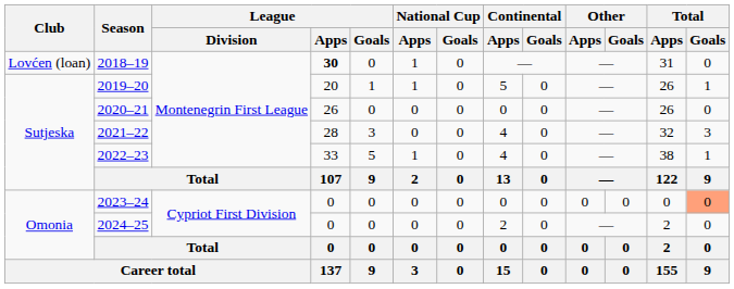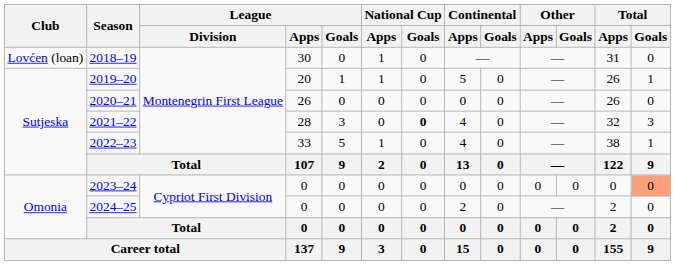 <table class="wikitable" style="text-align:center">
 <tr>
 <th rowspan="2">Club</th>
 <th rowspan="2">Season</th>
 <th colspan="3">League</th>
 <th colspan="2">National Cup</th>
 <th colspan="2">Continental</th>
 <th colspan="2">Other</th>
 <th colspan="2">Total</th>
 </tr>
 <tr>
 <th>Division</th>
 <th>Apps</th>
 <th>Goals</th>
 <th>Apps</th>
 <th>Goals</th>
 <th>Apps</th>
 <th>Goals</th>
 <th>Apps</th>
 <th>Goals</th>
 <th>Apps</th>
 <th>Goals</th>
 </tr>
 <tr>
 <td><a href='#'>Lovćen</a> (loan)</td>
 <td><a href='#'>2018–19</a></td>
 <td rowspan="5"><a href='#'>Montenegrin First League</a></td>
-<td><strong>30</strong></td>
+<td>30</td>
 <td>0</td>
 <td>1</td>
 <td>0</td>
 <td colspan="2">—</td>
 <td colspan="2">—</td>
 <td>31</td>
 <td>0</td>
 </tr>
 <tr>
 <td rowspan="5"><a href='#'>Sutjeska</a></td>
 <td><a href='#'>2019–20</a></td>
 <td>20</td>
 <td>1</td>
 <td>1</td>
 <td>0</td>
 <td>5</td>
 <td>0</td>
 <td colspan="2">—</td>
 <td>26</td>
 <td>1</td>
 </tr>
 <tr>
 <td><a href='#'>2020–21</a></td>
 <td>26</td>
 <td>0</td>
 <td>0</td>
 <td>0</td>
 <td>0</td>
 <td>0</td>
 <td colspan="2">—</td>
 <td>26</td>
 <td>0</td>
 </tr>
 <tr>
 <td><a href='#'>2021–22</a></td>
 <td>28</td>
 <td>3</td>
 <td>0</td>
-<td>0</td>
+<td><strong>0</strong></td>
 <td>4</td>
 <td>0</td>
 <td colspan="2">—</td>
 <td>32</td>
 <td>3</td>
 </tr>
 <tr>
 <td><a href='#'>2022–23</a></td>
 <td>33</td>
 <td>5</td>
 <td>1</td>
 <td>0</td>
 <td>4</td>
 <td>0</td>
 <td colspan="2">—</td>
 <td>38</td>
 <td>1</td>
 </tr>
 <tr>
 <th colspan="2">Total</th>
 <th>107</th>
 <th>9</th>
 <th>2</th>
 <th>0</th>
 <th>13</th>
 <th>0</th>
 <th colspan="2">—</th>
 <th>122</th>
 <th>9</th>
 </tr>
 <tr>
 <td rowspan="3"><a href='#'>Omonia</a></td>
 <td><a href='#'>2023–24</a></td>
 <td rowspan="2"><a href='#'>Cypriot First Division</a></td>
 <td>0</td>
 <td>0</td>
 <td>0</td>
 <td>0</td>
 <td>0</td>
 <td>0</td>
 <td>0</td>
 <td>0</td>
 <td>0</td>
 <td style="background: lightsalmon;">0</td>
 </tr>
 <tr>
 <td><a href='#'>2024–25</a></td>
 <td>0</td>
 <td>0</td>
 <td>0</td>
 <td>0</td>
 <td>2</td>
 <td>0</td>
 <td colspan="2">—</td>
 <td>2</td>
 <td>0</td>
 </tr>
 <tr>
 <th colspan="2">Total</th>
 <th>0</th>
 <th>0</th>
 <th>0</th>
 <th>0</th>
 <th>0</th>
 <th>0</th>
 <th>0</th>
 <th>0</th>
 <th>2</th>
 <th>0</th>
 </tr>
 <tr>
 <th colspan="3">Career total</th>
 <th>137</th>
 <th>9</th>
 <th>3</th>
 <th>0</th>
 <th>15</th>
 <th>0</th>
 <th>0</th>
 <th>0</th>
 <th>155</th>
 <th>9</th>
 </tr>
 </table>
